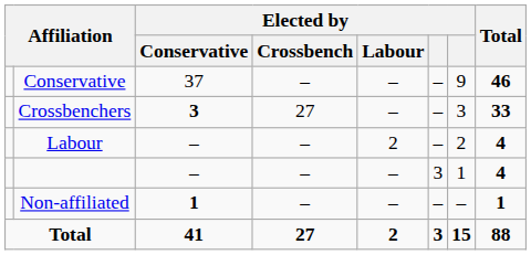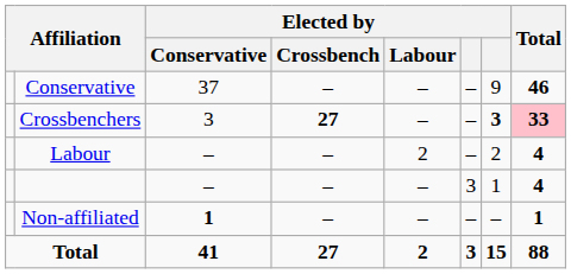 <table class="wikitable">
 <tr>
 <th rowspan=2 colspan=2>Affiliation</th>
 <th colspan=5>Elected by</th>
 <th rowspan=2>Total</th>
 </tr>
 <tr>
 <th>Conservative<br></th>
 <th>Crossbench<br></th>
 <th>Labour<br></th>
 <th><br></th>
 <th></th>
 </tr>
 <tr>
 <td></td>
 <td align=center><a href='#'>Conservative</a></td>
 <td align=center>37</td>
 <td align=center>–</td>
 <td align=center>–</td>
 <td align=center>–</td>
 <td align=center>9</td>
 <td align=center><strong>46</strong></td>
 </tr>
 <tr>
 <td></td>
 <td align=center><a href='#'>Crossbenchers</a></td>
-<td align=center><strong>3</strong></td>
-<td align=center>27</td>
+<td align=center>3</td>
+<td align=center><strong>27</strong></td>
 <td align=center>–</td>
 <td align=center>–</td>
-<td align=center>3</td>
-<td align=center><strong>33</strong></td>
+<td align=center><strong>3</strong></td>
+<td align=center style="background: pink;"><strong>33</strong></td>
 </tr>
 <tr>
 <td></td>
 <td align=center><a href='#'>Labour</a></td>
 <td align=center>–</td>
 <td align=center>–</td>
 <td align=center>2</td>
 <td align=center>–</td>
 <td align=center>2</td>
 <td align=center><strong>4</strong></td>
 </tr>
 <tr>
 <td></td>
 <td align=center><a href='#'></a></td>
 <td align=center>–</td>
 <td align=center>–</td>
 <td align=center>–</td>
 <td align=center>3</td>
 <td align=center>1</td>
 <td align=center><strong>4</strong></td>
 </tr>
 <tr>
 <td></td>
 <td align=center><a href='#'>Non-affiliated</a></td>
 <td align=center><strong>1</strong></td>
 <td align=center>–</td>
 <td align=center>–</td>
 <td align=center>–</td>
 <td align=center>–</td>
 <td align=center><strong>1</strong></td>
 </tr>
 <tr align=center>
 <td colspan="2"><strong>Total</strong></td>
 <td><strong>41</strong></td>
 <td><strong>27</strong></td>
 <td><strong>2</strong></td>
 <td><strong>3</strong></td>
 <td><strong>15</strong></td>
 <td><strong>88</strong></td>
 </tr>
 </table>
